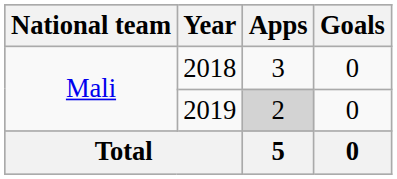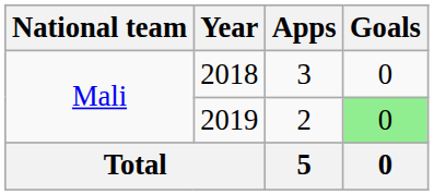 <table class="wikitable" style="text-align:center">
 <tr>
 <th>National team</th>
 <th>Year</th>
 <th>Apps</th>
 <th>Goals</th>
 </tr>
 <tr>
 <td rowspan="2"><a href='#'>Mali</a></td>
 <td>2018</td>
 <td>3</td>
 <td>0</td>
 </tr>
 <tr>
 <td>2019</td>
-<td style="background: lightgrey;">2</td>
-<td>0</td>
+<td>2</td>
+<td style="background: lightgreen;">0</td>
 </tr>
 <tr>
 <th colspan="2">Total</th>
 <th>5</th>
 <th>0</th>
 </tr>
 </table>
